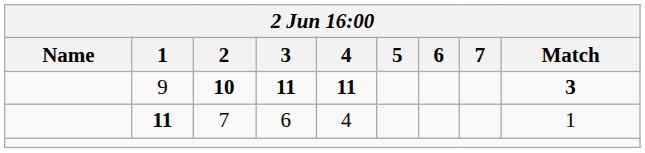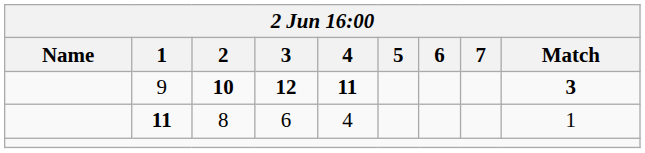 <table class=wikitable style="text-align:center; width: 55%">
 <tr>
 <th colspan=17><em> 2 Jun 16:00</em></th>
 </tr>
 <tr>
 <th>Name</th>
 <th>1</th>
 <th>2</th>
 <th>3</th>
 <th>4</th>
 <th>5</th>
 <th>6</th>
 <th>7</th>
 <th>Match</th>
 </tr>
 <tr>
 <td style="text-align:left;"><strong></strong></td>
 <td>9</td>
 <td><strong>10</strong></td>
-<td><strong>11</strong></td>
+<td><strong>12</strong></td>
 <td><strong>11</strong></td>
 <td></td>
 <td></td>
 <td></td>
 <td><strong>3</strong></td>
 </tr>
 <tr>
 <td style="text-align:left;"></td>
 <td><strong>11</strong></td>
-<td>7</td>
+<td>8</td>
 <td>6</td>
 <td>4</td>
 <td></td>
 <td></td>
 <td></td>
 <td>1</td>
 </tr>
 <tr>
 <td colspan=17></td>
 </tr>
 </table>
